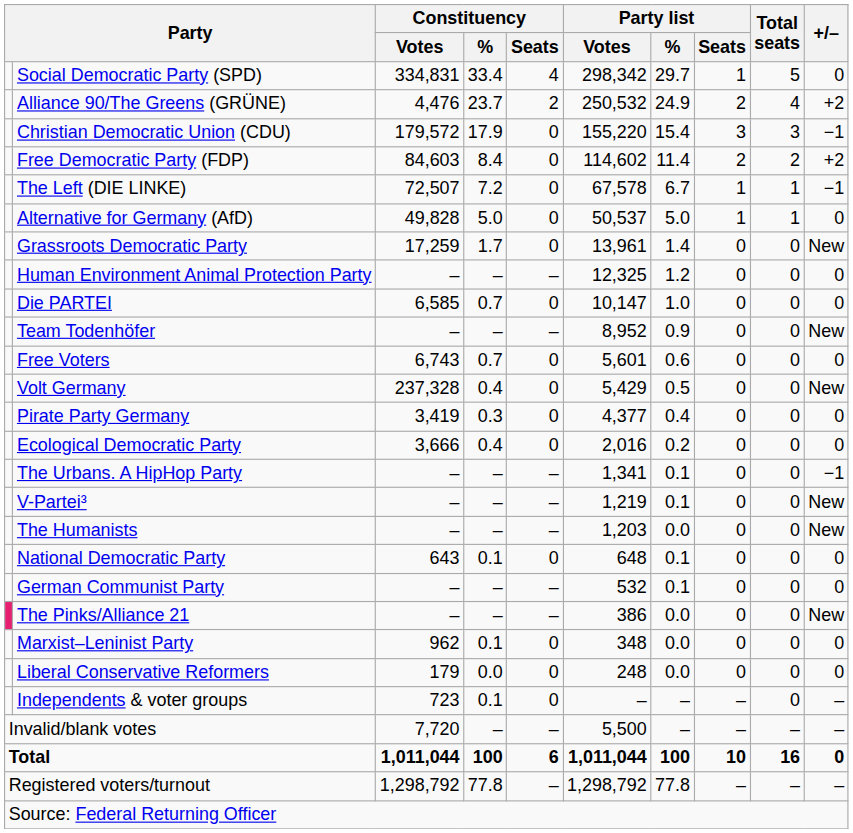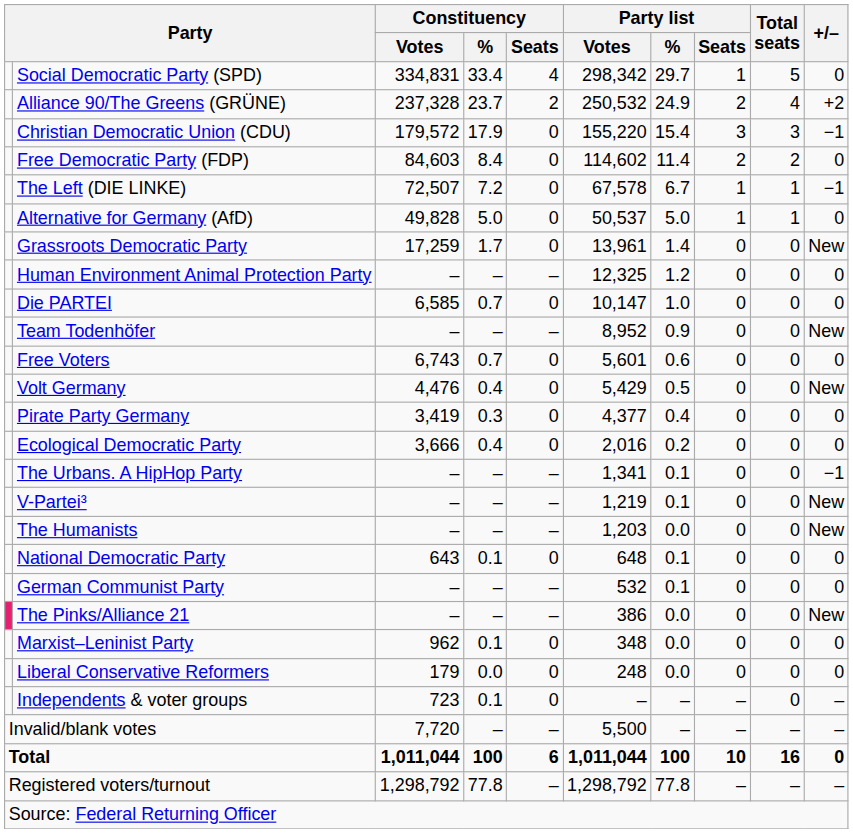 <table class="wikitable" style="text-align:right">
 <tr>
 <th colspan="2" rowspan="2">Party</th>
 <th colspan="3">Constituency</th>
 <th colspan="3">Party list</th>
 <th rowspan="2">Total<br>seats</th>
 <th rowspan="2">+/–</th>
 </tr>
 <tr>
 <th>Votes</th>
 <th>%</th>
 <th>Seats</th>
 <th>Votes</th>
 <th>%</th>
 <th>Seats</th>
 </tr>
 <tr>
 <td></td>
 <td align="left"><a href='#'>Social Democratic Party</a> (SPD)</td>
 <td>334,831</td>
 <td>33.4</td>
 <td>4</td>
 <td>298,342</td>
 <td>29.7</td>
 <td>1</td>
 <td>5</td>
 <td>0</td>
 </tr>
 <tr>
 <td></td>
 <td align="left"><a href='#'>Alliance 90/The Greens</a> (GRÜNE)</td>
-<td>4,476</td>
+<td>237,328</td>
 <td>23.7</td>
 <td>2</td>
 <td>250,532</td>
 <td>24.9</td>
 <td>2</td>
 <td>4</td>
 <td>+2</td>
 </tr>
 <tr>
 <td></td>
 <td align="left"><a href='#'>Christian Democratic Union</a> (CDU)</td>
 <td>179,572</td>
 <td>17.9</td>
 <td>0</td>
 <td>155,220</td>
 <td>15.4</td>
 <td>3</td>
 <td>3</td>
 <td>−1</td>
 </tr>
 <tr>
 <td></td>
 <td align="left"><a href='#'>Free Democratic Party</a> (FDP)</td>
 <td>84,603</td>
 <td>8.4</td>
 <td>0</td>
 <td>114,602</td>
 <td>11.4</td>
 <td>2</td>
 <td>2</td>
-<td>+2</td>
+<td>0</td>
 </tr>
 <tr>
 <td></td>
 <td align="left"><a href='#'>The Left</a> (DIE LINKE)</td>
 <td>72,507</td>
 <td>7.2</td>
 <td>0</td>
 <td>67,578</td>
 <td>6.7</td>
 <td>1</td>
 <td>1</td>
 <td>−1</td>
 </tr>
 <tr>
 <td></td>
 <td align="left"><a href='#'>Alternative for Germany</a> (AfD)</td>
 <td>49,828</td>
 <td>5.0</td>
 <td>0</td>
 <td>50,537</td>
 <td>5.0</td>
 <td>1</td>
 <td>1</td>
 <td>0</td>
 </tr>
 <tr>
 <td style="background-color:"></td>
 <td align="left"><a href='#'>Grassroots Democratic Party</a></td>
 <td>17,259</td>
 <td>1.7</td>
 <td>0</td>
 <td>13,961</td>
 <td>1.4</td>
 <td>0</td>
 <td>0</td>
 <td>New</td>
 </tr>
 <tr>
 <td style="background-color:"></td>
 <td align="left"><a href='#'>Human Environment Animal Protection Party</a></td>
 <td>–</td>
 <td>–</td>
 <td>–</td>
 <td>12,325</td>
 <td>1.2</td>
 <td>0</td>
 <td>0</td>
 <td>0</td>
 </tr>
 <tr>
 <td style="background-color:"></td>
 <td align="left"><a href='#'>Die PARTEI</a></td>
 <td>6,585</td>
 <td>0.7</td>
 <td>0</td>
 <td>10,147</td>
 <td>1.0</td>
 <td>0</td>
 <td>0</td>
 <td>0</td>
 </tr>
 <tr>
 <td style="background-color:"></td>
 <td align="left"><a href='#'>Team Todenhöfer</a></td>
 <td>–</td>
 <td>–</td>
 <td>–</td>
 <td>8,952</td>
 <td>0.9</td>
 <td>0</td>
 <td>0</td>
 <td>New</td>
 </tr>
 <tr>
 <td style="background-color:"></td>
 <td align="left"><a href='#'>Free Voters</a></td>
 <td>6,743</td>
 <td>0.7</td>
 <td>0</td>
 <td>5,601</td>
 <td>0.6</td>
 <td>0</td>
 <td>0</td>
 <td>0</td>
 </tr>
 <tr>
 <td style="background-color:"></td>
 <td align="left"><a href='#'>Volt Germany</a></td>
-<td>237,328</td>
+<td>4,476</td>
 <td>0.4</td>
 <td>0</td>
 <td>5,429</td>
 <td>0.5</td>
 <td>0</td>
 <td>0</td>
 <td>New</td>
 </tr>
 <tr>
 <td style="background-color:"></td>
 <td align="left"><a href='#'>Pirate Party Germany</a></td>
 <td>3,419</td>
 <td>0.3</td>
 <td>0</td>
 <td>4,377</td>
 <td>0.4</td>
 <td>0</td>
 <td>0</td>
 <td>0</td>
 </tr>
 <tr>
 <td style="background-color:"></td>
 <td align="left"><a href='#'>Ecological Democratic Party</a></td>
 <td>3,666</td>
 <td>0.4</td>
 <td>0</td>
 <td>2,016</td>
 <td>0.2</td>
 <td>0</td>
 <td>0</td>
 <td>0</td>
 </tr>
 <tr>
 <td style="background-color:"></td>
 <td align="left"><a href='#'>The Urbans. A HipHop Party</a></td>
 <td>–</td>
 <td>–</td>
 <td>–</td>
 <td>1,341</td>
 <td>0.1</td>
 <td>0</td>
 <td>0</td>
 <td>−1</td>
 </tr>
 <tr>
 <td style="background-color:"></td>
 <td align="left"><a href='#'>V-Partei³</a></td>
 <td>–</td>
 <td>–</td>
 <td>–</td>
 <td>1,219</td>
 <td>0.1</td>
 <td>0</td>
 <td>0</td>
 <td>New</td>
 </tr>
 <tr>
 <td style="background-color:"></td>
 <td align="left"><a href='#'>The Humanists</a></td>
 <td>–</td>
 <td>–</td>
 <td>–</td>
 <td>1,203</td>
 <td>0.0</td>
 <td>0</td>
 <td>0</td>
 <td>New</td>
 </tr>
 <tr>
 <td style="background-color:"></td>
 <td align="left"><a href='#'>National Democratic Party</a></td>
 <td>643</td>
 <td>0.1</td>
 <td>0</td>
 <td>648</td>
 <td>0.1</td>
 <td>0</td>
 <td>0</td>
 <td>0</td>
 </tr>
 <tr>
 <td style="background-color:"></td>
 <td align="left"><a href='#'>German Communist Party</a></td>
 <td>–</td>
 <td>–</td>
 <td>–</td>
 <td>532</td>
 <td>0.1</td>
 <td>0</td>
 <td>0</td>
 <td>0</td>
 </tr>
 <tr>
 <td style="background-color:#E71F71"></td>
 <td align="left"><a href='#'>The Pinks/Alliance 21</a></td>
 <td>–</td>
 <td>–</td>
 <td>–</td>
 <td>386</td>
 <td>0.0</td>
 <td>0</td>
 <td>0</td>
 <td>New</td>
 </tr>
 <tr>
 <td style="background-color:"></td>
 <td align="left"><a href='#'>Marxist–Leninist Party</a></td>
 <td>962</td>
 <td>0.1</td>
 <td>0</td>
 <td>348</td>
 <td>0.0</td>
 <td>0</td>
 <td>0</td>
 <td>0</td>
 </tr>
 <tr>
 <td style="background-color:"></td>
 <td align="left"><a href='#'>Liberal Conservative Reformers</a></td>
 <td>179</td>
 <td>0.0</td>
 <td>0</td>
 <td>248</td>
 <td>0.0</td>
 <td>0</td>
 <td>0</td>
 <td>0</td>
 </tr>
 <tr>
 <td style="background-color:"></td>
 <td align="left"><a href='#'>Independents</a> & voter groups</td>
 <td>723</td>
 <td>0.1</td>
 <td>0</td>
 <td>–</td>
 <td>–</td>
 <td>–</td>
 <td>0</td>
 <td>–</td>
 </tr>
 <tr>
 <td colspan="2" align="left">Invalid/blank votes</td>
 <td>7,720</td>
 <td>–</td>
 <td>–</td>
 <td>5,500</td>
 <td>–</td>
 <td>–</td>
 <td>–</td>
 <td>–</td>
 </tr>
 <tr>
 <td colspan="2" align="left"><strong>Total</strong></td>
 <td><strong>1,011,044</strong></td>
 <td><strong>100</strong></td>
 <td><strong>6</strong></td>
 <td><strong>1,011,044</strong></td>
 <td><strong>100</strong></td>
 <td><strong>10</strong></td>
 <td><strong>16</strong></td>
 <td><strong>0</strong></td>
 </tr>
 <tr>
 <td colspan="2" align="left">Registered voters/turnout</td>
 <td>1,298,792</td>
 <td>77.8</td>
 <td>–</td>
 <td>1,298,792</td>
 <td>77.8</td>
 <td>–</td>
 <td>–</td>
 <td>–</td>
 </tr>
 <tr>
 <td colspan="10" align="left">Source: <a href='#'>Federal Returning Officer</a></td>
 </tr>
 </table>
